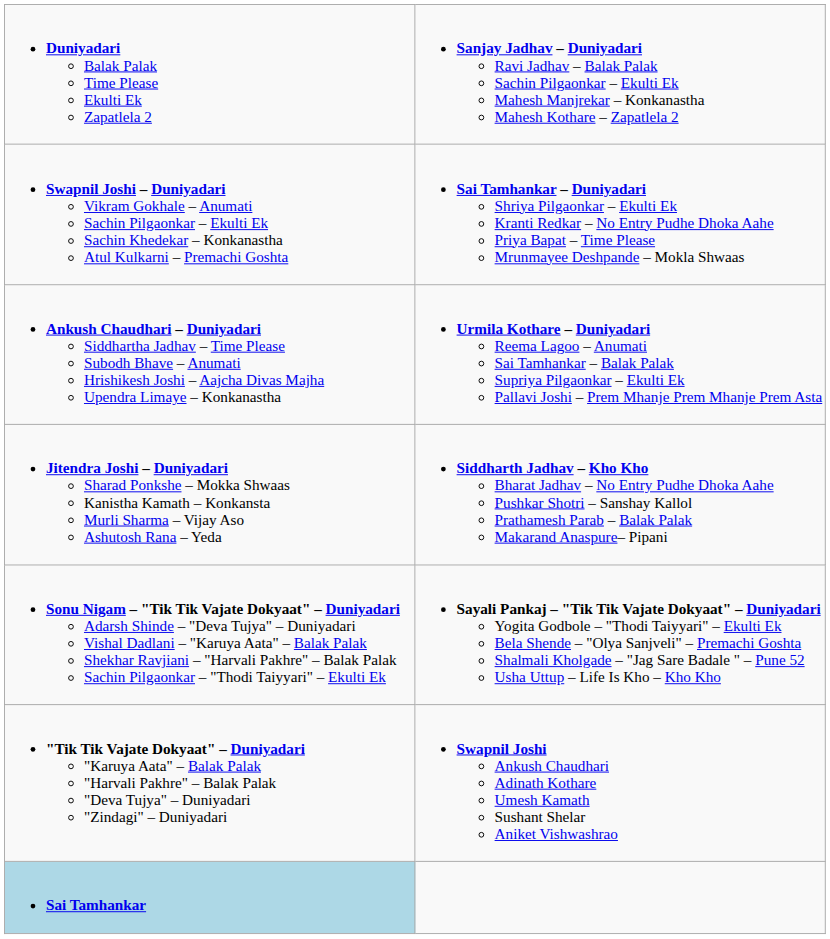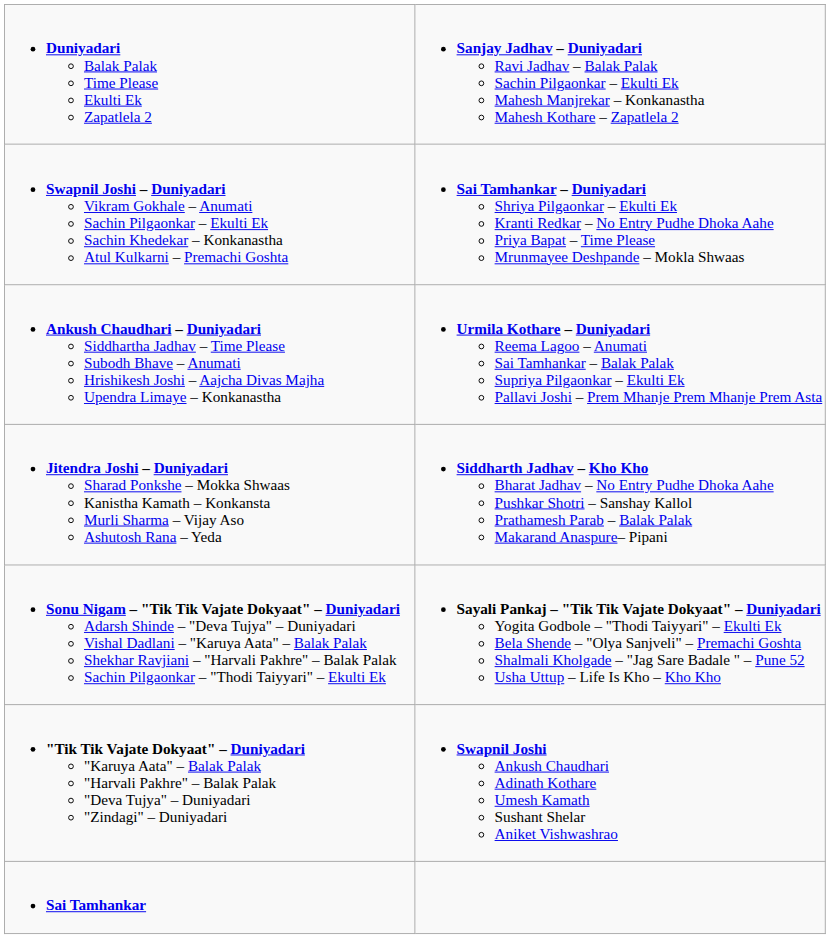 <table class="wikitable" role="presentation">
 <tr>
 <td style="vertical-align:top; width:50%;"><br><ul><li><strong><a href='#'>Duniyadari</a></strong><ul><li><a href='#'>Balak Palak</a></li><li><a href='#'>Time Please</a></li><li><a href='#'>Ekulti Ek</a></li><li><a href='#'>Zapatlela 2</a></li></ul></li></ul></td>
 <td style="vertical-align:top; width:50%;"><br><ul><li><strong><a href='#'>Sanjay Jadhav</a> – <a href='#'>Duniyadari</a></strong><ul><li><a href='#'>Ravi Jadhav</a> – <a href='#'>Balak Palak</a></li><li><a href='#'>Sachin Pilgaonkar</a> – <a href='#'>Ekulti Ek</a></li><li><a href='#'>Mahesh Manjrekar</a> – Konkanastha</li><li><a href='#'>Mahesh Kothare</a> – <a href='#'>Zapatlela 2</a></li></ul></li></ul></td>
 </tr>
 <tr>
 <td style="vertical-align:top; width:50%;"><br><ul><li><strong><a href='#'>Swapnil Joshi</a> – <a href='#'>Duniyadari</a></strong><ul><li><a href='#'>Vikram Gokhale</a> – <a href='#'>Anumati</a></li><li><a href='#'>Sachin Pilgaonkar</a> – <a href='#'>Ekulti Ek</a></li><li><a href='#'>Sachin Khedekar</a> – Konkanastha</li><li><a href='#'>Atul Kulkarni</a> – <a href='#'>Premachi Goshta</a></li></ul></li></ul></td>
 <td style="vertical-align:top; width:50%;"><br><ul><li><strong><a href='#'>Sai Tamhankar</a> – <a href='#'>Duniyadari</a></strong><ul><li><a href='#'>Shriya Pilgaonkar</a> – <a href='#'>Ekulti Ek</a></li><li><a href='#'>Kranti Redkar</a> – <a href='#'>No Entry Pudhe Dhoka Aahe</a></li><li><a href='#'>Priya Bapat</a> – <a href='#'>Time Please</a></li><li><a href='#'>Mrunmayee Deshpande</a> – Mokla Shwaas</li></ul></li></ul></td>
 </tr>
 <tr>
 <td style="vertical-align:top; width:50%;"><br><ul><li><strong><a href='#'>Ankush Chaudhari</a> – <a href='#'>Duniyadari</a></strong><ul><li><a href='#'>Siddhartha Jadhav</a> – <a href='#'>Time Please</a></li><li><a href='#'>Subodh Bhave</a> – <a href='#'>Anumati</a></li><li><a href='#'>Hrishikesh Joshi</a> – <a href='#'>Aajcha Divas Majha</a></li><li><a href='#'>Upendra Limaye</a> – Konkanastha</li></ul></li></ul></td>
 <td style="vertical-align:top; width:50%;"><br><ul><li><strong><a href='#'>Urmila Kothare</a> – <a href='#'>Duniyadari</a></strong><ul><li><a href='#'>Reema Lagoo</a> – <a href='#'>Anumati</a></li><li><a href='#'>Sai Tamhankar</a> – <a href='#'>Balak Palak</a></li><li><a href='#'>Supriya Pilgaonkar</a> – <a href='#'>Ekulti Ek</a></li><li><a href='#'>Pallavi Joshi</a> – <a href='#'>Prem Mhanje Prem Mhanje Prem Asta</a></li></ul></li></ul></td>
 </tr>
 <tr>
 <td style="vertical-align:top; width:50%;"><br><ul><li><strong><a href='#'>Jitendra Joshi</a> – <a href='#'>Duniyadari</a></strong><ul><li><a href='#'>Sharad Ponkshe</a> – Mokka Shwaas</li><li>Kanistha Kamath – Konkansta</li><li><a href='#'>Murli Sharma</a> – Vijay Aso</li><li><a href='#'>Ashutosh Rana</a> – Yeda</li></ul></li></ul></td>
 <td style="vertical-align:top; width:50%;"><br><ul><li><strong><a href='#'>Siddharth Jadhav</a> – <a href='#'>Kho Kho</a></strong><ul><li><a href='#'>Bharat Jadhav</a> – <a href='#'>No Entry Pudhe Dhoka Aahe</a></li><li><a href='#'>Pushkar Shotri</a> – Sanshay Kallol</li><li><a href='#'>Prathamesh Parab</a> – <a href='#'>Balak Palak</a></li><li><a href='#'>Makarand Anaspure</a>– Pipani</li></ul></li></ul></td>
 </tr>
 <tr>
 <td style="vertical-align:top; width:50%;"><br><ul><li><strong><a href='#'>Sonu Nigam</a> – "Tik Tik Vajate Dokyaat" – <a href='#'>Duniyadari</a></strong><ul><li><a href='#'>Adarsh Shinde</a> – "Deva Tujya" – Duniyadari</li><li><a href='#'>Vishal Dadlani</a> – "Karuya Aata" – <a href='#'>Balak Palak</a></li><li><a href='#'>Shekhar Ravjiani</a> – "Harvali Pakhre" – Balak Palak</li><li><a href='#'>Sachin Pilgaonkar</a> – "Thodi Taiyyari" – <a href='#'>Ekulti Ek</a></li></ul></li></ul></td>
 <td style="vertical-align:top; width:50%;"><br><ul><li><strong>Sayali Pankaj – "Tik Tik Vajate Dokyaat" – <a href='#'>Duniyadari</a></strong><ul><li>Yogita Godbole – "Thodi Taiyyari" – <a href='#'>Ekulti Ek</a></li><li><a href='#'>Bela Shende</a> – "Olya Sanjveli" – <a href='#'>Premachi Goshta</a></li><li><a href='#'>Shalmali Kholgade</a> – "Jag Sare Badale " – <a href='#'>Pune 52</a></li><li><a href='#'>Usha Uttup</a> – Life Is Kho – <a href='#'>Kho Kho</a></li></ul></li></ul></td>
 </tr>
 <tr>
 <td style="vertical-align:top; width:50%;"><br><ul><li><strong>"Tik Tik Vajate Dokyaat" – <a href='#'>Duniyadari</a></strong><ul><li>"Karuya Aata" – <a href='#'>Balak Palak</a></li><li>"Harvali Pakhre" – Balak Palak</li><li>"Deva Tujya" – Duniyadari</li><li>"Zindagi" – Duniyadari</li></ul></li></ul></td>
 <td style="vertical-align:top; width:50%;"><br><ul><li><strong><a href='#'>Swapnil Joshi</a></strong><ul><li><a href='#'>Ankush Chaudhari</a></li><li><a href='#'>Adinath Kothare</a></li><li><a href='#'>Umesh Kamath</a></li><li>Sushant Shelar</li><li><a href='#'>Aniket Vishwashrao</a></li></ul></li></ul></td>
 </tr>
 <tr>
-<td style="background: lightblue; vertical-align:top; width:50%;"><br><ul><li><strong><a href='#'>Sai Tamhankar</a></strong></li></ul></td>
+<td style="vertical-align:top; width:50%;"><br><ul><li><strong><a href='#'>Sai Tamhankar</a></strong></li></ul></td>
 </tr>
 </table>
